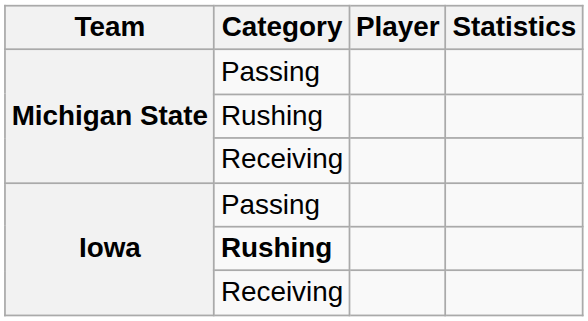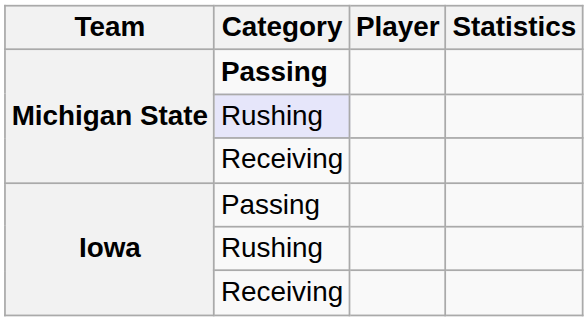 <table class="wikitable" style="float:right">
 <tr>
 <th>Team</th>
 <th>Category</th>
 <th>Player</th>
 <th>Statistics</th>
 </tr>
 <tr>
 <th rowspan=3>Michigan State</th>
-<td>Passing</td>
+<td><strong>Passing</strong></td>
 <td></td>
 <td></td>
 </tr>
 <tr>
-<td>Rushing</td>
+<td style="background: lavender;">Rushing</td>
 <td></td>
 <td></td>
 </tr>
 <tr>
 <td>Receiving</td>
 <td></td>
 <td></td>
 </tr>
 <tr>
 <th rowspan=3>Iowa</th>
 <td>Passing</td>
 <td></td>
 <td></td>
 </tr>
 <tr>
-<td><strong>Rushing</strong></td>
+<td>Rushing</td>
 <td></td>
 <td></td>
 </tr>
 <tr>
 <td>Receiving</td>
 <td></td>
 <td></td>
 </tr>
 </table>
